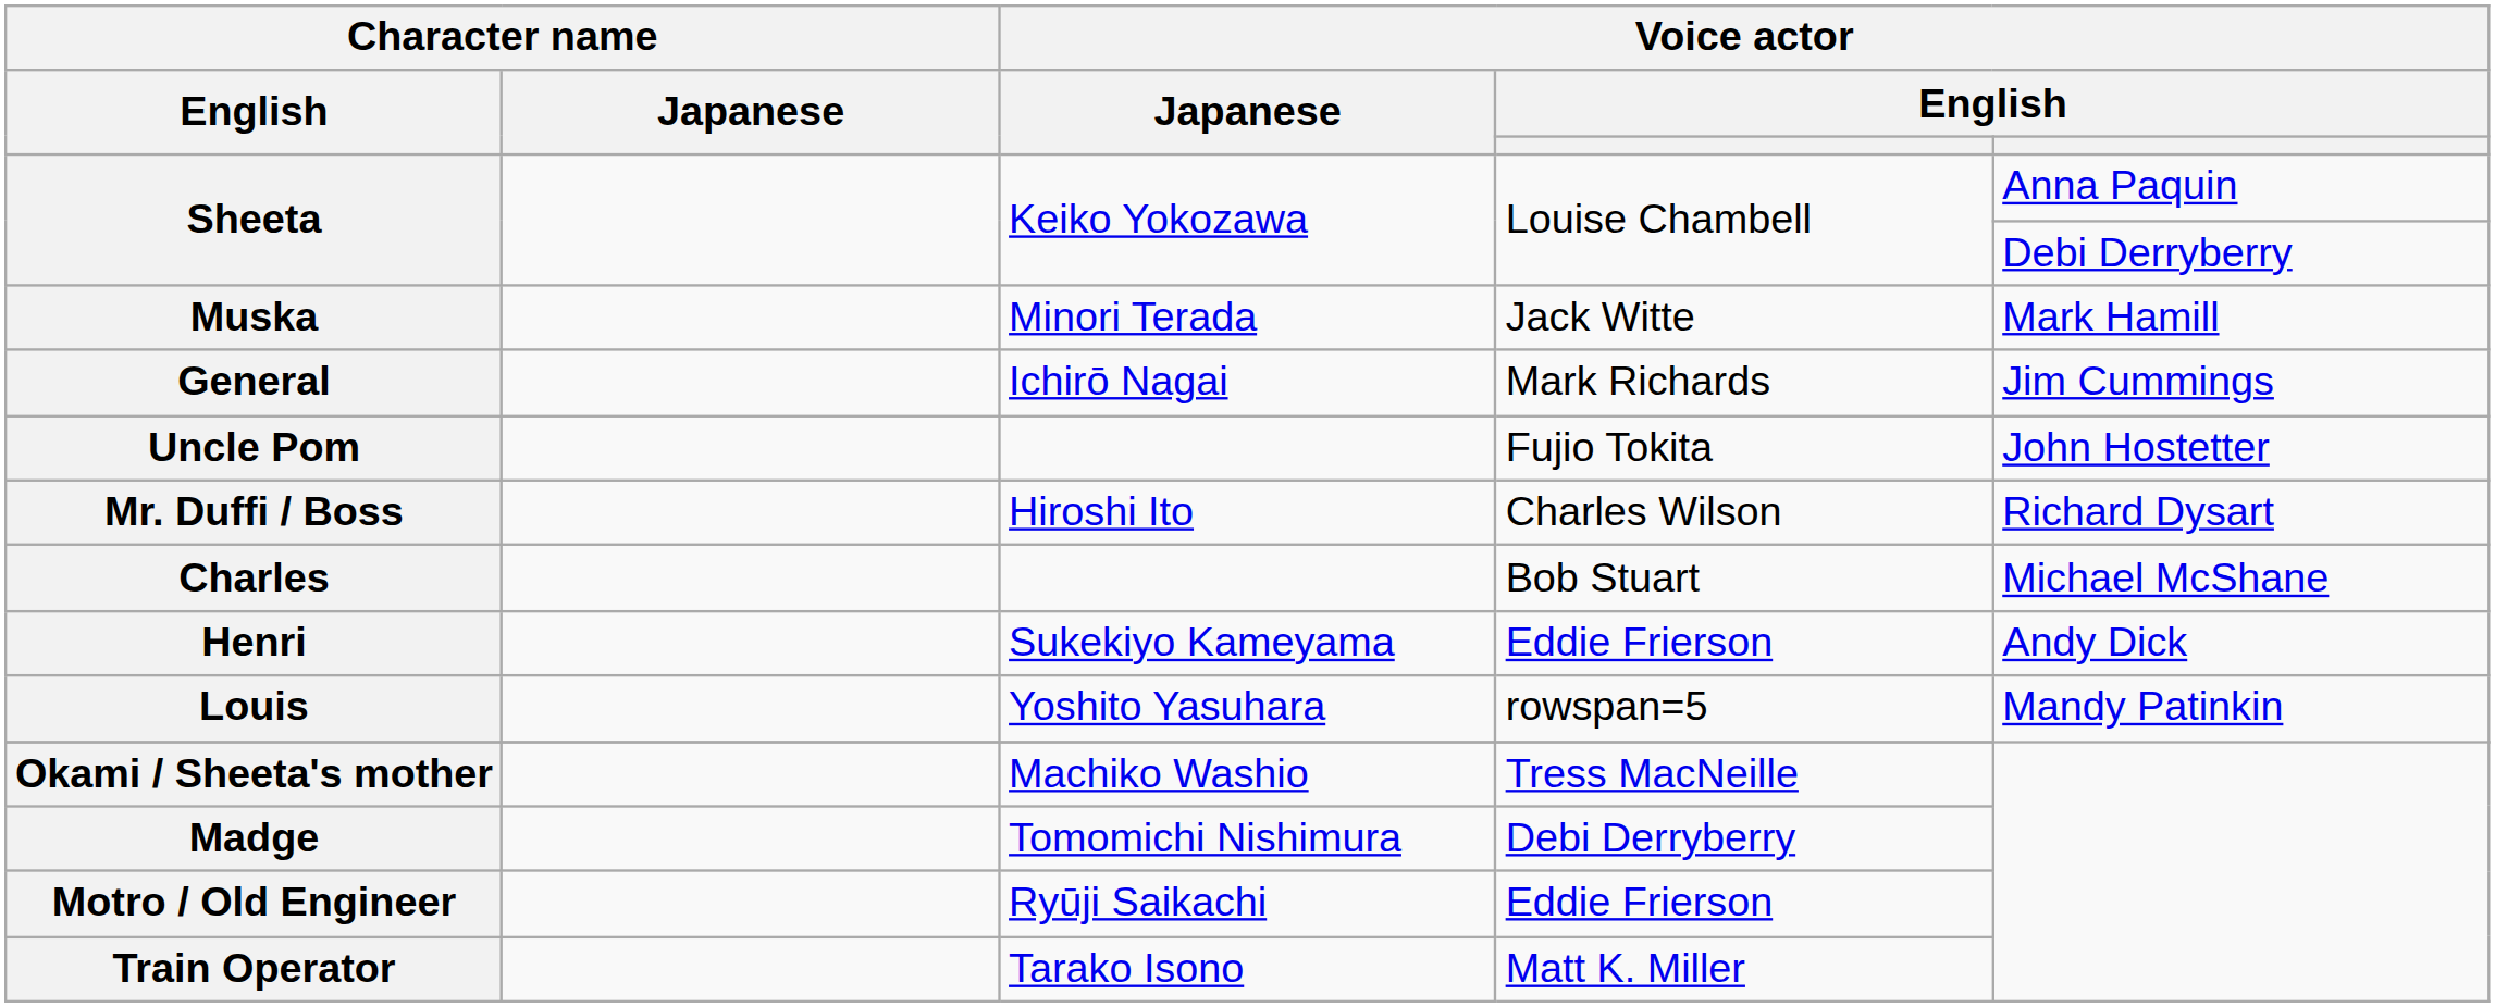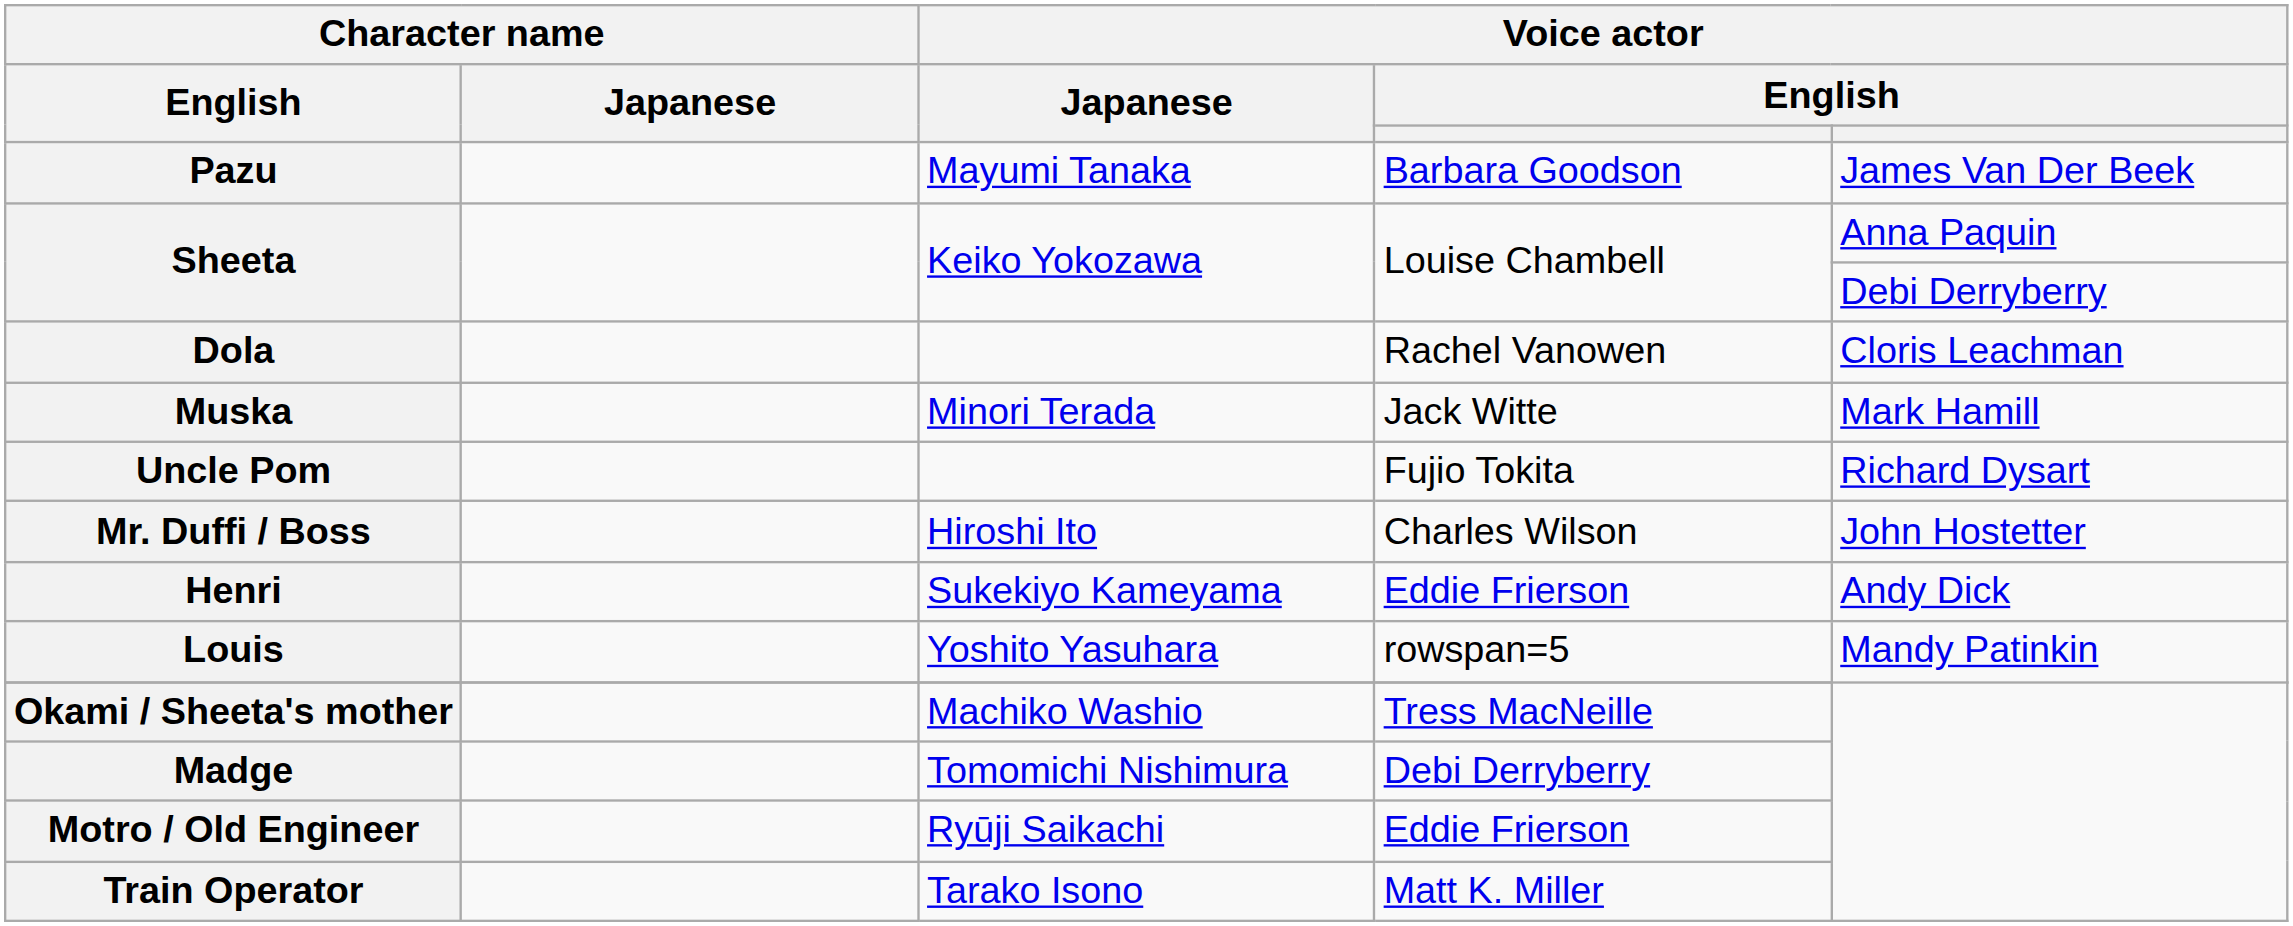 <table class="wikitable plain-row-headers">
 <tr>
 <th scope="colgroup" colspan="2">Character name</th>
 <th scope="colgroup" colspan="3">Voice actor</th>
 </tr>
 <tr>
 <th scope="col" width="20%" rowspan="2">English</th>
 <th scope="col" width="20%" rowspan="2">Japanese</th>
 <th scope="col" width="20%" rowspan="2">Japanese<br></th>
 <th scope="colgroup" width="40%" colspan="2">English</th>
 </tr>
 <tr>
 <th scope="col" width="20%"></th>
 <th scope="col" width="20%"></th>
 </tr>
 <tr>
+<th scope=row>Pazu</th>
+<td></td>
+<td><a href='#'>Mayumi Tanaka</a></td>
+<td><a href='#'>Barbara Goodson</a></td>
+<td><a href='#'>James Van Der Beek</a></td>
+</tr>
+<tr>
 <th scope=row rowspan="2">Sheeta</th>
 <td rowspan="2"></td>
 <td rowspan="2"><a href='#'>Keiko Yokozawa</a></td>
 <td rowspan="2">Louise Chambell</td>
 <td><a href='#'>Anna Paquin</a></td>
 </tr>
 <tr>
 <td><a href='#'>Debi Derryberry</a> </td>
 </tr>
 <tr>
+<th scope=row>Dola</th>
+<td></td>
+<td></td>
+<td>Rachel Vanowen</td>
+<td><a href='#'>Cloris Leachman</a></td>
+</tr>
+<tr>
 <th scope=row>Muska</th>
 <td></td>
 <td><a href='#'>Minori Terada</a></td>
 <td>Jack Witte</td>
 <td><a href='#'>Mark Hamill</a></td>
 </tr>
 <tr>
-<th scope=row>General</th>
-<td></td>
-<td><a href='#'>Ichirō Nagai</a></td>
-<td>Mark Richards</td>
-<td><a href='#'>Jim Cummings</a></td>
-</tr>
-<tr>
 <th scope=row>Uncle Pom</th>
 <td></td>
 <td></td>
 <td>Fujio Tokita</td>
-<td><a href='#'>John Hostetter</a></td>
+<td><a href='#'>Richard Dysart</a></td>
 </tr>
 <tr>
 <th scope=row>Mr. Duffi / Boss</th>
 <td></td>
 <td><a href='#'>Hiroshi Ito</a></td>
 <td>Charles Wilson</td>
-<td><a href='#'>Richard Dysart</a></td>
-</tr>
-<tr>
-<th scope=row>Charles</th>
-<td></td>
-<td></td>
-<td>Bob Stuart</td>
-<td><a href='#'>Michael McShane</a></td>
+<td><a href='#'>John Hostetter</a></td>
 </tr>
 <tr>
 <th scope=row>Henri</th>
 <td></td>
 <td><a href='#'>Sukekiyo Kameyama</a></td>
 <td><a href='#'>Eddie Frierson</a></td>
 <td><a href='#'>Andy Dick</a></td>
 </tr>
 <tr>
 <th scope=row>Louis</th>
 <td></td>
 <td><a href='#'>Yoshito Yasuhara</a></td>
 <td>rowspan=5 </td>
 <td><a href='#'>Mandy Patinkin</a></td>
 </tr>
 <tr>
 </tr>
 <tr>
 <th scope=row>Okami / Sheeta's mother</th>
 <td></td>
 <td><a href='#'>Machiko Washio</a></td>
 <td><a href='#'>Tress MacNeille</a></td>
 </tr>
 <tr>
 <th scope=row>Madge</th>
 <td></td>
 <td><a href='#'>Tomomichi Nishimura</a></td>
 <td><a href='#'>Debi Derryberry</a></td>
 </tr>
 <tr>
 <th scope=row>Motro / Old Engineer</th>
 <td></td>
 <td><a href='#'>Ryūji Saikachi</a></td>
 <td><a href='#'>Eddie Frierson</a></td>
 </tr>
 <tr>
 <th scope=row>Train Operator</th>
 <td></td>
 <td><a href='#'>Tarako Isono</a></td>
 <td><a href='#'>Matt K. Miller</a></td>
 </tr>
 </table>
